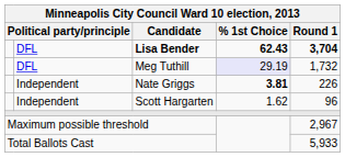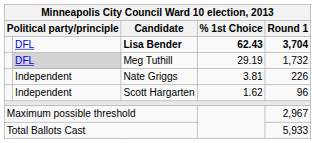 <table class="wikitable" style="font-size:95%">
 <tr>
 <th colspan="5">Minneapolis City Council Ward 10 election, 2013</th>
 </tr>
 <tr>
 <th colspan="2">Political party/principle</th>
 <th>Candidate</th>
 <th>% 1st Choice</th>
 <th>Round 1</th>
 </tr>
 <tr>
 <td style="background-color:"></td>
 <td><a href='#'>DFL</a></td>
 <td><strong>Lisa Bender</strong></td>
 <td align="right"><strong>62.43</strong></td>
 <td align="right"><strong>3,704</strong></td>
 </tr>
 <tr>
 <td style="background-color:"></td>
-<td><a href='#'>DFL</a></td>
+<td style="background: lightgrey;"><a href='#'>DFL</a></td>
 <td>Meg Tuthill</td>
-<td align="right" style="background: lavender;">29.19</td>
+<td align="right">29.19</td>
 <td align="right">1,732</td>
 </tr>
 <tr>
 <td style="background-color:"></td>
 <td>Independent</td>
 <td>Nate Griggs</td>
-<td align="right"><strong>3.81</strong></td>
+<td align="right">3.81</td>
 <td align="right">226</td>
 </tr>
 <tr>
 <td style="background-color:"></td>
 <td>Independent</td>
 <td>Scott Hargarten</td>
 <td align="right">1.62</td>
 <td align="right">96</td>
 </tr>
 <tr>
 <td colspan="5" style="background: #E9E9E9"></td>
 </tr>
 <tr>
 <td colspan="3">Maximum possible threshold</td>
 <td rowspan="4"></td>
 <td align="right">2,967</td>
 </tr>
 <tr>
 <td colspan="3">Total Ballots Cast</td>
 <td align="right">5,933</td>
 </tr>
 </table>
